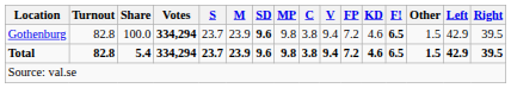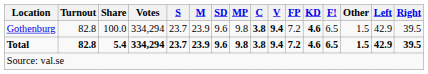 <table class="wikitable sortable" style=text-align:right>
 <tr>
 <th>Location</th>
 <th>Turnout</th>
 <th>Share</th>
 <th>Votes</th>
 <th><a href='#'>S</a></th>
 <th><a href='#'>M</a></th>
 <th><a href='#'>SD</a></th>
 <th><a href='#'>MP</a></th>
 <th><a href='#'>C</a></th>
 <th><a href='#'>V</a></th>
 <th><a href='#'>FP</a></th>
 <th><a href='#'>KD</a></th>
 <th><a href='#'>F!</a></th>
 <th>Other</th>
 <th><a href='#'>Left</a></th>
 <th><a href='#'>Right</a></th>
 </tr>
 <tr>
 <td align=left><a href='#'>Gothenburg</a></td>
 <td>82.8</td>
 <td>100.0</td>
-<td><strong>334,294</strong></td>
+<td>334,294</td>
 <td>23.7</td>
 <td>23.9</td>
-<td><strong>9.6</strong></td>
+<td>9.6</td>
 <td>9.8</td>
-<td>3.8</td>
-<td>9.4</td>
+<td><strong>3.8</strong></td>
+<td><strong>9.4</strong></td>
 <td>7.2</td>
-<td>4.6</td>
-<td><strong>6.5</strong></td>
+<td><strong>4.6</strong></td>
+<td>6.5</td>
 <td>1.5</td>
 <td>42.9</td>
 <td>39.5</td>
 </tr>
 <tr>
 <td align=left><strong>Total</strong></td>
 <td><strong>82.8</strong></td>
 <td><strong>5.4</strong></td>
 <td><strong>334,294</strong></td>
 <td><strong>23.7</strong></td>
 <td><strong>23.9</strong></td>
 <td><strong>9.6</strong></td>
 <td><strong>9.8</strong></td>
 <td><strong>3.8</strong></td>
 <td><strong>9.4</strong></td>
 <td><strong>7.2</strong></td>
 <td><strong>4.6</strong></td>
 <td><strong>6.5</strong></td>
 <td><strong>1.5</strong></td>
 <td><strong>42.9</strong></td>
 <td><strong>39.5</strong></td>
 </tr>
 <tr>
 <td align=left colspan=16>Source: val.se </td>
 </tr>
 </table>
